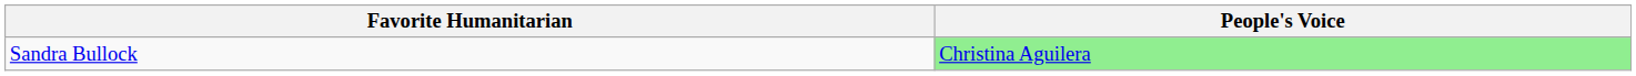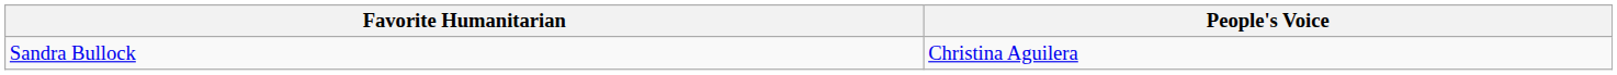 <table class="wikitable" style="width:100%;">
 <tr>
 <th>Favorite Humanitarian</th>
 <th>People's Voice</th>
 </tr>
 <tr>
 <td valign="top"><a href='#'>Sandra Bullock</a></td>
-<td valign="top" style="background: lightgreen;"><a href='#'>Christina Aguilera</a></td>
+<td valign="top"><a href='#'>Christina Aguilera</a></td>
 </tr>
 </table>
